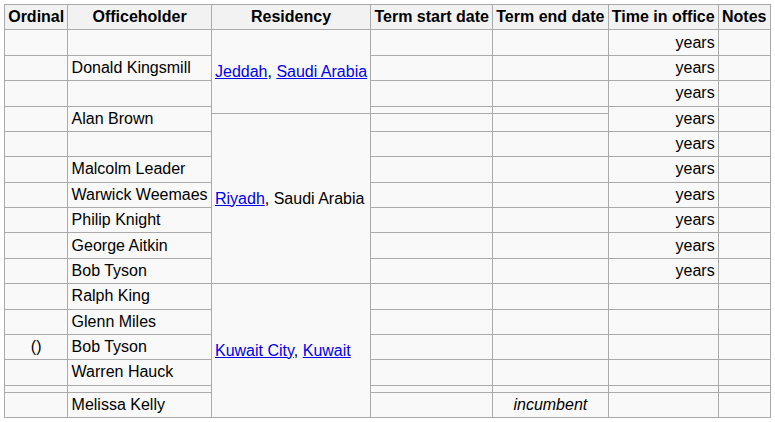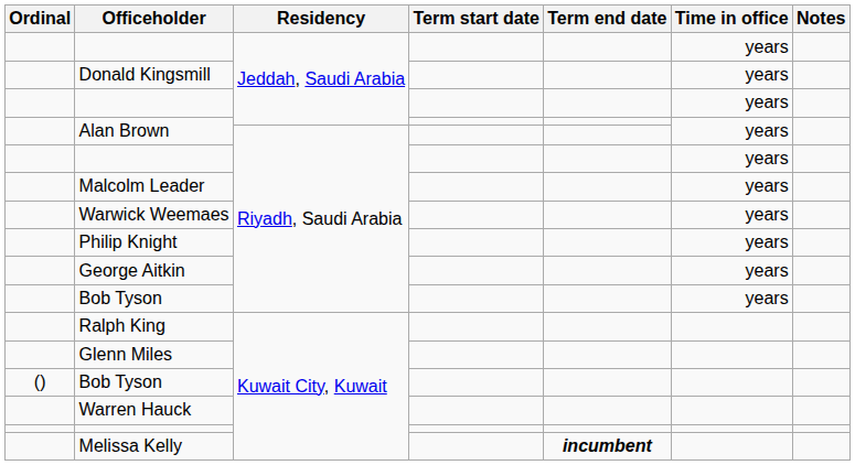 <table class='wikitable sortable'>
 <tr>
 <th>Ordinal</th>
 <th>Officeholder</th>
 <th>Residency</th>
 <th>Term start date</th>
 <th>Term end date</th>
 <th>Time in office</th>
 <th>Notes</th>
 </tr>
 <tr>
 <td align=center></td>
 <td></td>
 <td rowspan=4><a href='#'>Jeddah</a>, <a href='#'>Saudi Arabia</a></td>
 <td align=center></td>
 <td align=center></td>
 <td align=right> years</td>
 <td></td>
 </tr>
 <tr>
 <td align=center></td>
 <td>Donald Kingsmill</td>
 <td align=center></td>
 <td align=center></td>
 <td align=right> years</td>
 <td></td>
 </tr>
 <tr>
 <td align=center></td>
 <td></td>
 <td align=center></td>
 <td align=center></td>
 <td align=right> years</td>
 <td></td>
 </tr>
 <tr>
 <td rowspan=2 align=center></td>
 <td rowspan=2>Alan Brown</td>
 <td align=center></td>
 <td align=center></td>
 <td rowspan=2 align=right> years</td>
 <td rowspan=2></td>
 </tr>
 <tr>
 <td rowspan=7><a href='#'>Riyadh</a>, Saudi Arabia</td>
 <td align=center></td>
 <td align=center></td>
 </tr>
 <tr>
 <td align=center></td>
 <td></td>
 <td align=center></td>
 <td align=center></td>
 <td align=right> years</td>
 <td></td>
 </tr>
 <tr>
 <td align=center></td>
 <td>Malcolm Leader</td>
 <td align=center></td>
 <td align=center></td>
 <td align=right> years</td>
 <td></td>
 </tr>
 <tr>
 <td align=center></td>
 <td>Warwick Weemaes</td>
 <td align=center></td>
 <td align=center></td>
 <td align=right> years</td>
 <td></td>
 </tr>
 <tr>
 <td align=center></td>
 <td>Philip Knight</td>
 <td align=center></td>
 <td align=center></td>
 <td align=right> years</td>
 <td></td>
 </tr>
 <tr>
 <td align=center></td>
 <td>George Aitkin</td>
 <td align=center></td>
 <td align=center></td>
 <td align=right> years</td>
 <td></td>
 </tr>
 <tr>
 <td align=center></td>
 <td>Bob Tyson</td>
 <td align=center></td>
 <td align=center></td>
 <td align=right> years</td>
 <td></td>
 </tr>
 <tr>
 <td align=center></td>
 <td>Ralph King</td>
 <td rowspan=6><a href='#'>Kuwait City</a>, <a href='#'>Kuwait</a></td>
 <td align=center></td>
 <td align=center></td>
 <td align=right></td>
 <td></td>
 </tr>
 <tr>
 <td align=center></td>
 <td>Glenn Miles</td>
 <td align=center></td>
 <td align=center></td>
 <td align=right></td>
 <td></td>
 </tr>
 <tr>
 <td align=center>()</td>
 <td>Bob Tyson</td>
 <td align=center></td>
 <td align=center></td>
 <td align=right></td>
 <td></td>
 </tr>
 <tr>
 <td align=center></td>
 <td>Warren Hauck</td>
 <td align=center></td>
 <td align=center></td>
 <td align=right></td>
 <td></td>
 </tr>
 <tr>
 <td align=center></td>
 <td></td>
 <td align=center></td>
 <td align=center></td>
 <td align=right></td>
 <td></td>
 </tr>
 <tr>
 <td align=center></td>
 <td>Melissa Kelly</td>
 <td align=center></td>
-<td align=center><em>incumbent</em></td>
+<td align=center><strong><em>incumbent</em></strong></td>
 <td align=right></td>
 <td></td>
 </tr>
 </table>
